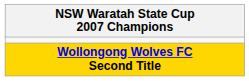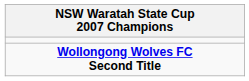 <table class="wikitable" style="text-align: center; margin: 0 auto; width: 20%">
 <tr>
 <th>NSW Waratah State Cup<br>2007 Champions</th>
 </tr>
 <tr>
 <td></td>
 </tr>
 <tr>
-<td style="background: gold;"><strong><a href='#'>Wollongong Wolves FC</a></strong><br><strong>Second Title</strong></td>
+<td><strong><a href='#'>Wollongong Wolves FC</a></strong><br><strong>Second Title</strong></td>
 </tr>
 </table>
